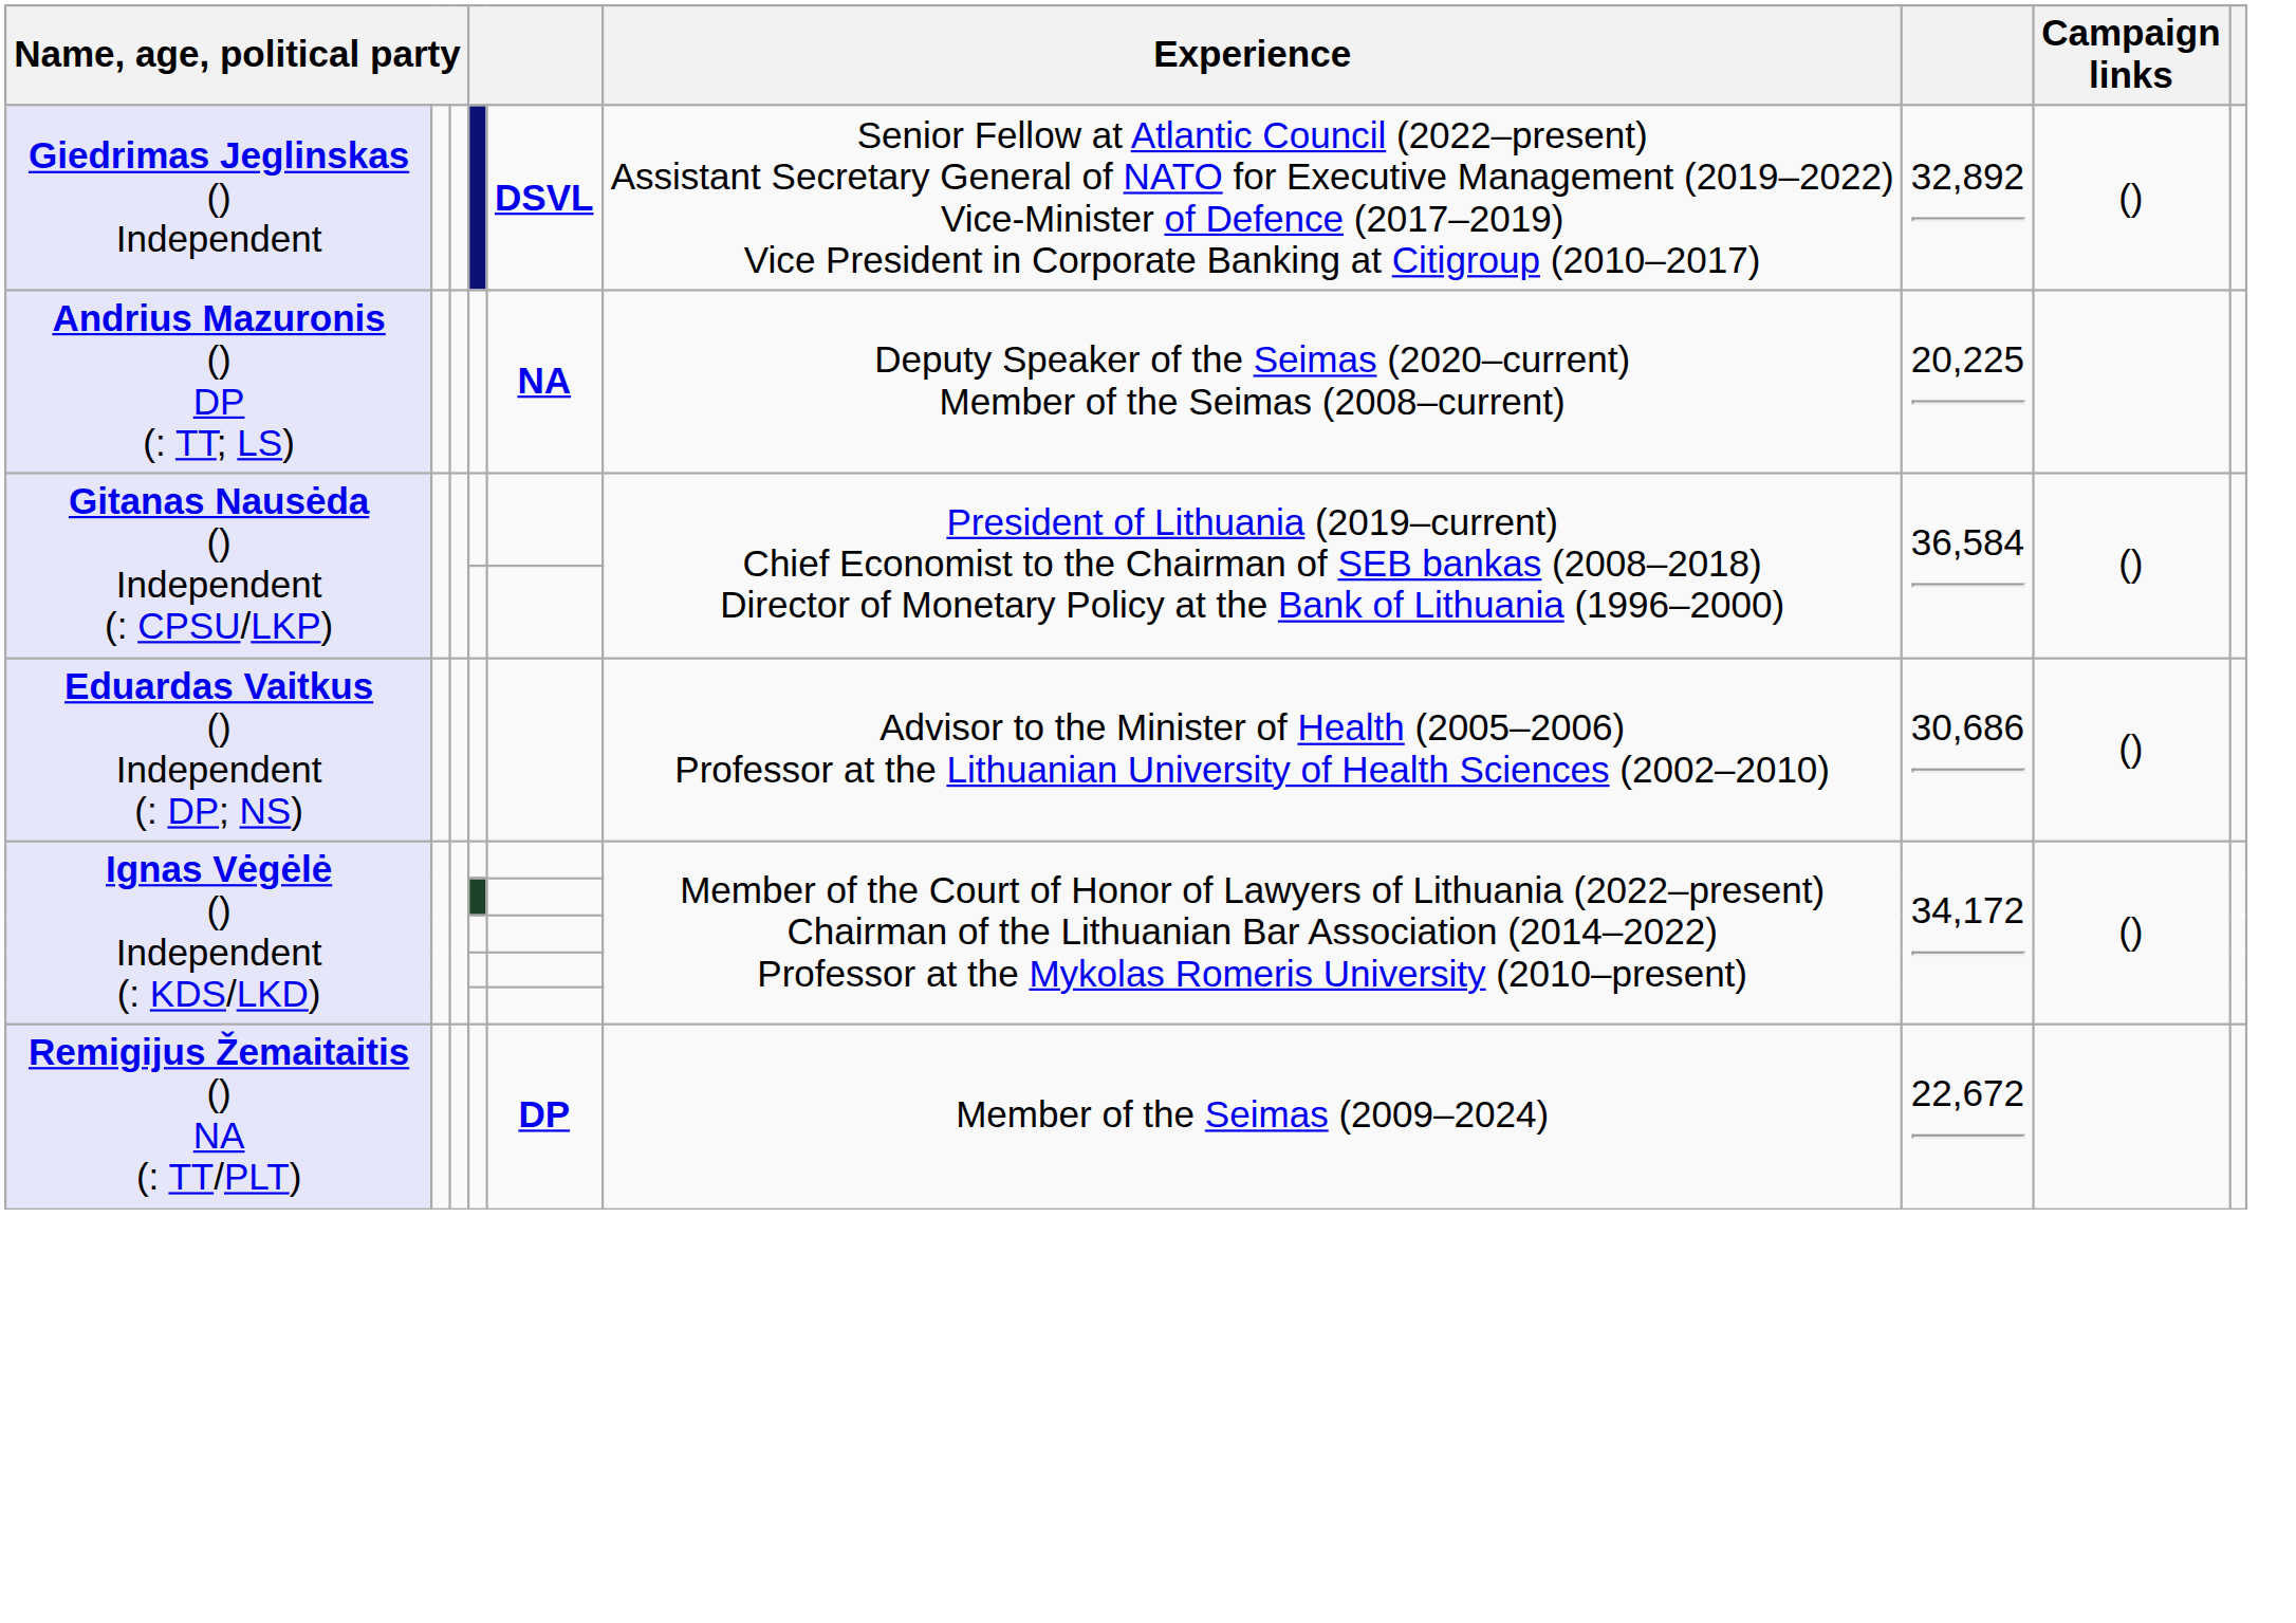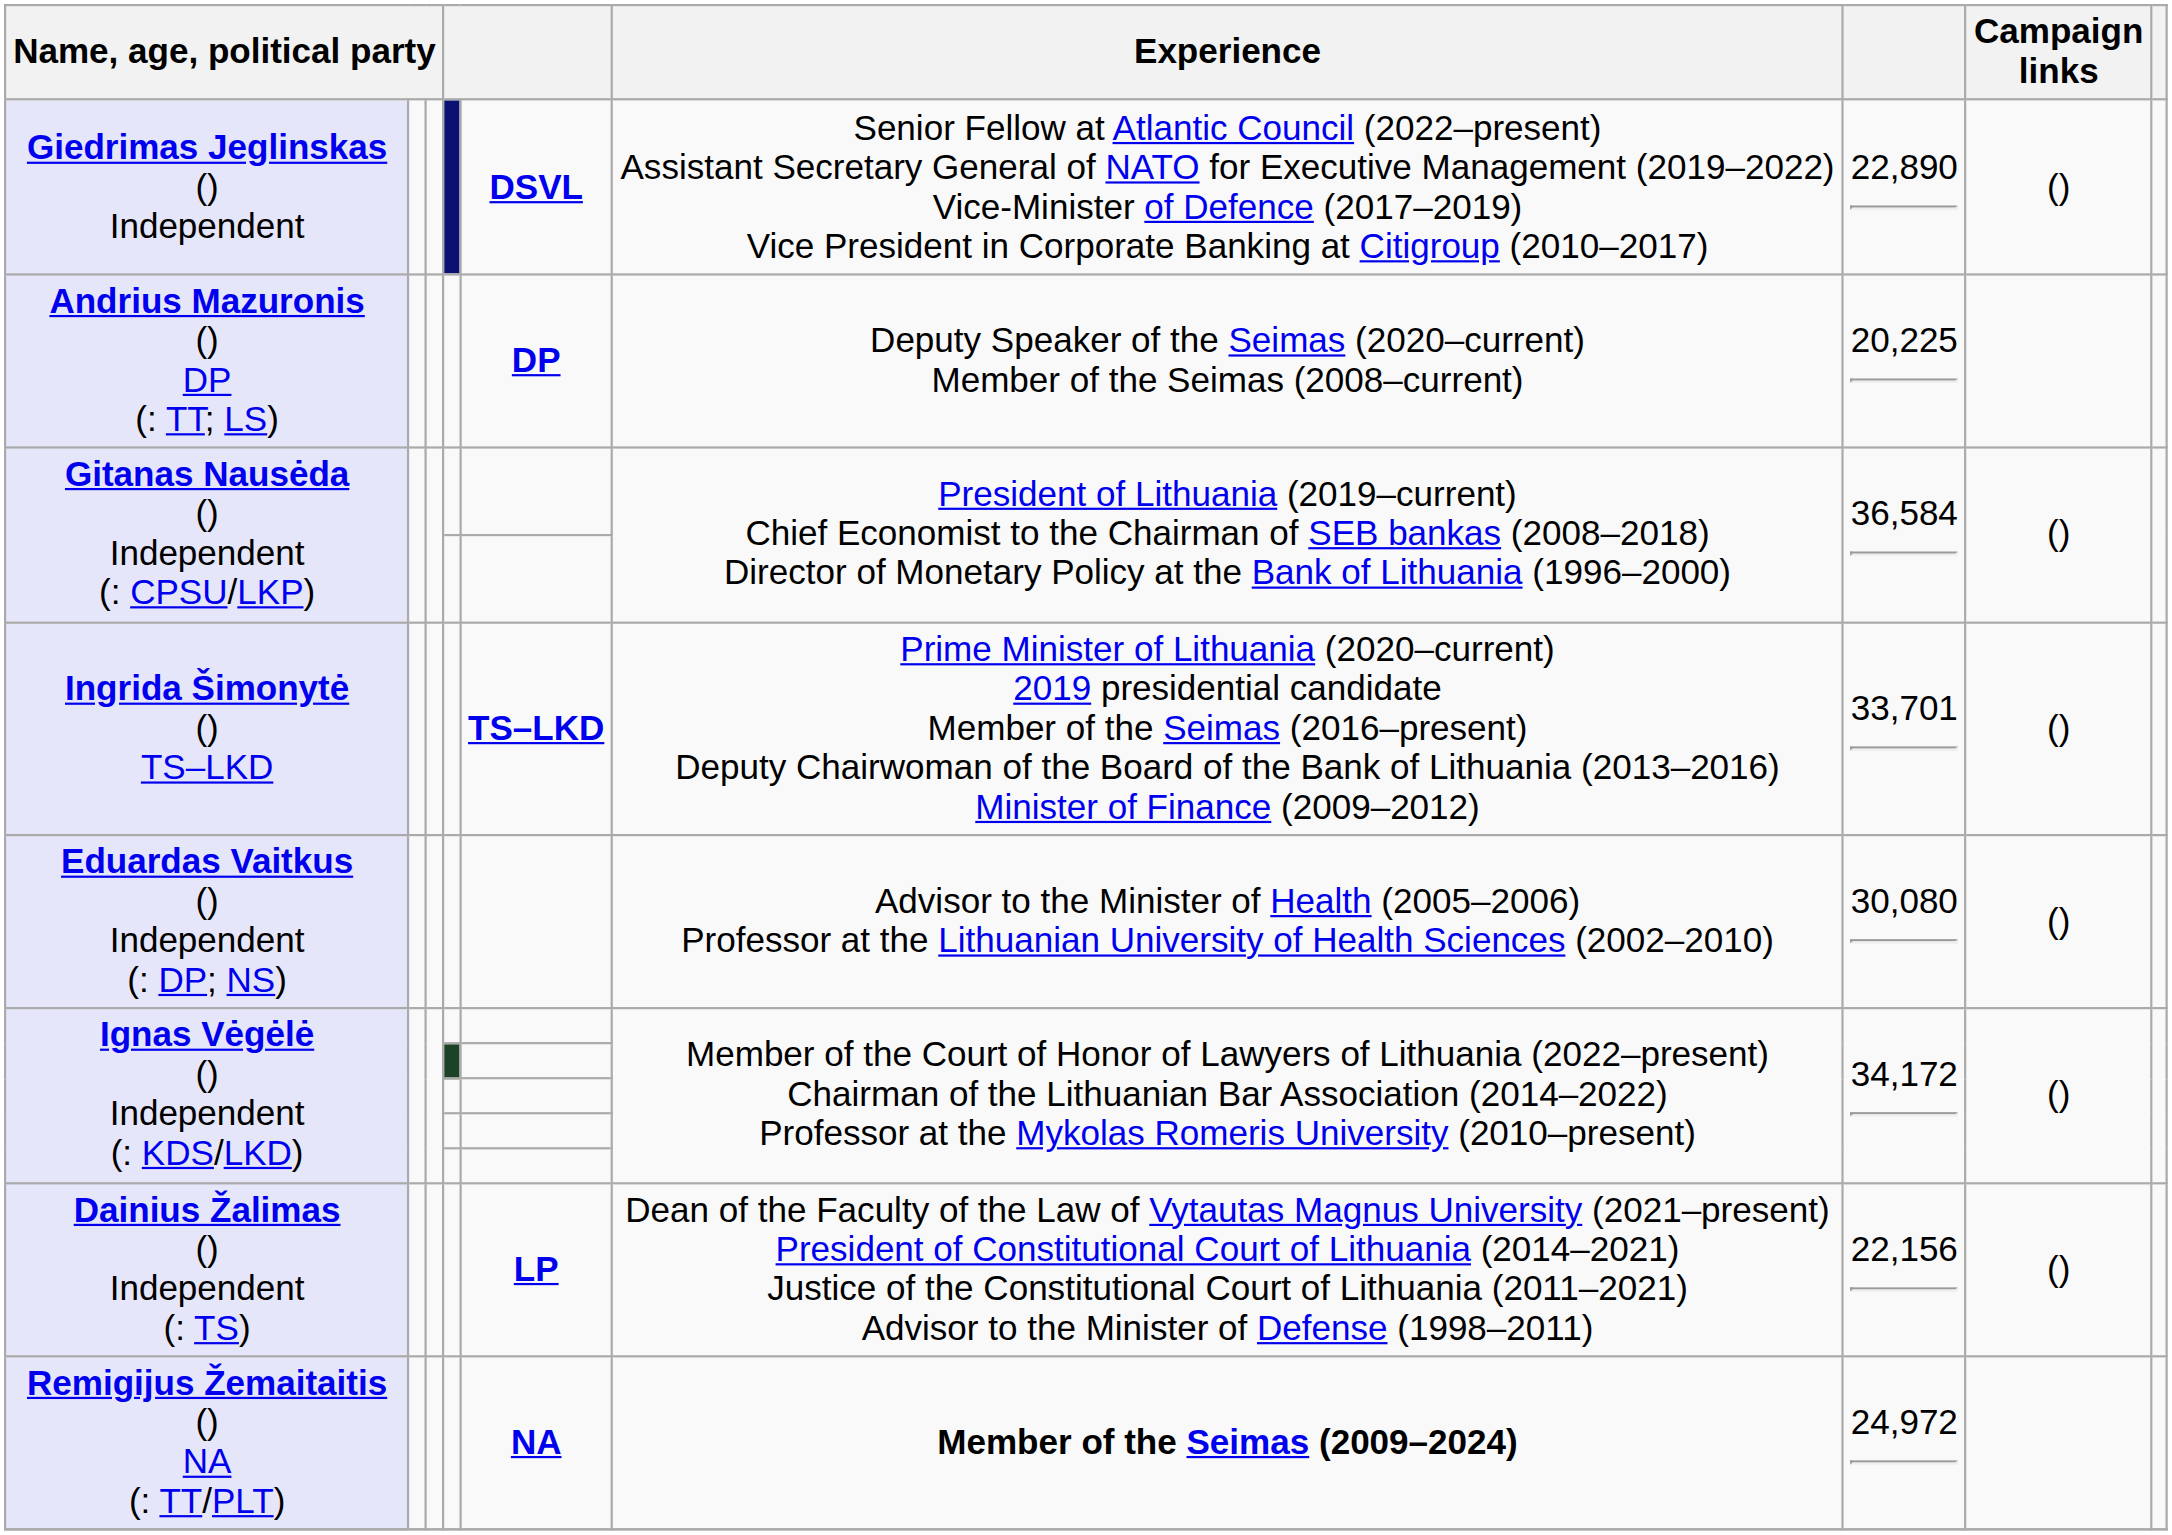 <table class=wikitable style=text-align:center>
 <tr>
 <th colspan="3">Name, age, political party</th>
 <th colspan="2"></th>
 <th>Experience</th>
 <th></th>
 <th>Campaign<br>links</th>
 <th></th>
 </tr>
 <tr>
 <td style="background:lavender;"><strong><a href='#'>Giedrimas Jeglinskas</a></strong><br>()<br>Independent</td>
 <td style="background-color:"></td>
 <td></td>
 <td style="background-color:#0A1172;"></td>
 <td><strong><a href='#'>DSVL</a></strong></td>
 <td>Senior Fellow at <a href='#'>Atlantic Council</a> (2022–present)<br>Assistant Secretary General of <a href='#'>NATO</a> for Executive Management (2019–2022)<br>Vice-Minister <a href='#'>of Defence</a> (2017–2019)<br>Vice President in Corporate Banking at <a href='#'>Citigroup</a> (2010–2017)</td>
-<td>32,892<hr></td>
+<td>22,890<hr></td>
 <td>()</td>
 <td><br></td>
 </tr>
 <tr>
 <td style="background:lavender;"><strong><a href='#'>Andrius Mazuronis</a></strong><br>()<br><a href='#'>DP</a><br>(: <a href='#'>TT</a>; <a href='#'>LS</a>)</td>
 <td style="background-color:"></td>
 <td></td>
 <td style="background-color:"></td>
-<td><strong><a href='#'>NA</a></strong></td>
+<td><strong><a href='#'>DP</a></strong></td>
 <td>Deputy Speaker of the <a href='#'>Seimas</a> (2020–current)<br>Member of the Seimas (2008–current)</td>
 <td>20,225<hr></td>
 <td></td>
 <td><br></td>
 </tr>
 <tr>
 <td rowspan="2" style="background:lavender;"><strong><a href='#'>Gitanas Nausėda</a></strong><br>()<br>Independent<br>(: <a href='#'>CPSU</a>/<a href='#'>LKP</a>)</td>
 <td rowspan="2" style="background-color:"></td>
 <td rowspan="2"></td>
 <td style="background-color:"></td>
 <td></td>
 <td rowspan="2"><a href='#'>President of Lithuania</a> (2019–current)<br>Chief Economist to the Chairman of <a href='#'>SEB bankas</a> (2008–2018)<br>Director of Monetary Policy at the <a href='#'>Bank of Lithuania</a> (1996–2000)</td>
 <td rowspan="2">36,584<hr></td>
 <td rowspan="2">()</td>
 <td rowspan="2"><br></td>
 </tr>
 <tr>
 <td style="background-color:"></td>
 <td></td>
 </tr>
 <tr>
+<td style="background:lavender;"><strong><a href='#'>Ingrida Šimonytė</a></strong><br>()<br><a href='#'>TS–LKD</a></td>
+<td style="background-color:"></td>
+<td></td>
+<td style="background-color:"></td>
+<td><strong><a href='#'>TS–LKD</a></strong></td>
+<td><a href='#'>Prime Minister of Lithuania</a> (2020–current)<br><a href='#'>2019</a> presidential candidate<br>Member of the <a href='#'>Seimas</a> (2016–present)<br> Deputy Chairwoman of the Board of the Bank of Lithuania (2013–2016)<br><a href='#'>Minister of Finance</a> (2009–2012)</td>
+<td>33,701<hr></td>
+<td>()</td>
+<td><br></td>
+</tr>
+<tr>
 <td style="background:lavender;"><strong><a href='#'>Eduardas Vaitkus</a></strong><br>()<br>Independent<br>(: <a href='#'>DP</a>; <a href='#'>NS</a>)</td>
 <td style="background-color:"></td>
 <td></td>
 <td style="background-color:"></td>
 <td></td>
 <td>Advisor to the Minister of <a href='#'>Health</a> (2005–2006)<br>Professor at the <a href='#'>Lithuanian University of Health Sciences</a> (2002–2010)</td>
-<td>30,686<hr></td>
+<td>30,080<hr></td>
 <td>()</td>
 <td><br></td>
 </tr>
 <tr>
 <td rowspan="5" style="background:lavender;"><strong><a href='#'>Ignas Vėgėlė</a></strong><br>()<br>Independent<br>(: <a href='#'>KDS</a>/<a href='#'>LKD</a>)</td>
 <td rowspan="5" style="background-color:"></td>
 <td rowspan="5"></td>
 <td style="background-color:"></td>
 <td></td>
 <td rowspan="5">Member of the Court of Honor of Lawyers of Lithuania (2022–present)<br>Chairman of the Lithuanian Bar Association (2014–2022)<br>Professor at the <a href='#'>Mykolas Romeris University</a> (2010–present)</td>
 <td rowspan="5">34,172<hr></td>
 <td rowspan="5">()</td>
 <td rowspan="5"><br></td>
 </tr>
 <tr>
 <td style="background-color:#1C4328;"></td>
 <td></td>
 </tr>
 <tr>
 <td style="background-color:"></td>
 <td></td>
 </tr>
 <tr>
 <td style="background-color:"></td>
 <td></td>
 </tr>
 <tr>
 <td style="background-color:"></td>
 <td></td>
 </tr>
 <tr>
+<td style="background:lavender;"><strong><a href='#'>Dainius Žalimas</a></strong><br>()<br>Independent<br>(: <a href='#'>TS</a>)</td>
+<td style="background-color:"></td>
+<td></td>
+<td style="background-color:"></td>
+<td><strong><a href='#'>LP</a></strong></td>
+<td>Dean of the Faculty of the Law of <a href='#'>Vytautas Magnus University</a> (2021–present)<br><a href='#'>President of Constitutional Court of Lithuania</a> (2014–2021)<br>Justice of the Constitutional Court of Lithuania (2011–2021)<br>Advisor to the Minister of <a href='#'>Defense</a> (1998–2011)</td>
+<td>22,156<hr></td>
+<td>()</td>
+<td><br></td>
+</tr>
+<tr>
 <td style="background:lavender;"><strong><a href='#'>Remigijus Žemaitaitis</a></strong><br>()<br><a href='#'>NA</a><br>(: <a href='#'>TT</a>/<a href='#'>PLT</a>)</td>
 <td style="background-color:"></td>
 <td></td>
 <td style="background-color:"></td>
-<td><strong><a href='#'>DP</a></strong></td>
-<td>Member of the <a href='#'>Seimas</a> (2009–2024)</td>
-<td>22,672<hr></td>
+<td><strong><a href='#'>NA</a></strong></td>
+<td><strong>Member of the <a href='#'>Seimas</a> (2009–2024)</strong></td>
+<td>24,972<hr></td>
 <td></td>
 <td><br></td>
 </tr>
 <tr>
 </tr>
 </table>
